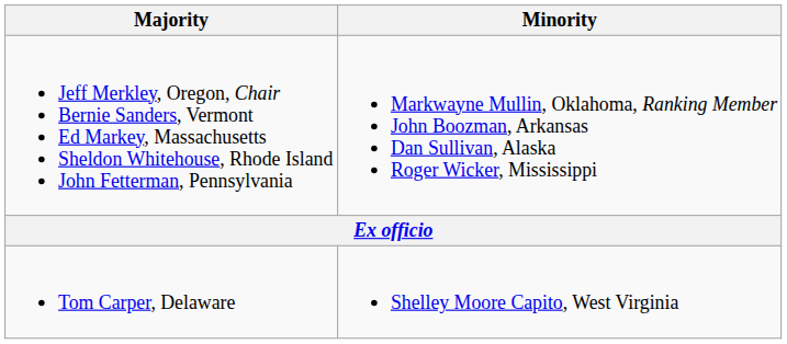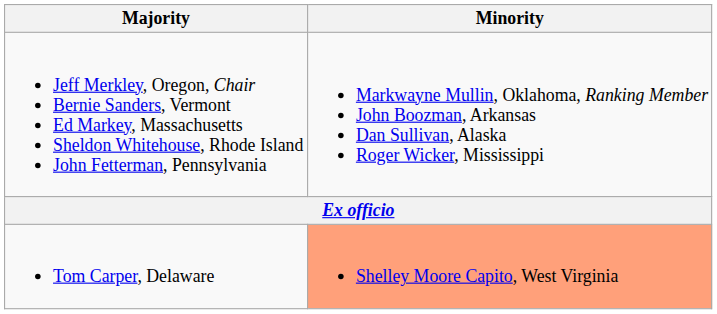 <table class=wikitable>
 <tr>
 <th>Majority</th>
 <th>Minority</th>
 </tr>
 <tr>
 <td><br><ul><li><a href='#'>Jeff Merkley</a>, Oregon, <em>Chair</em></li><li><span><a href='#'>Bernie Sanders</a>, Vermont</span></li><li><a href='#'>Ed Markey</a>, Massachusetts</li><li><a href='#'>Sheldon Whitehouse</a>, Rhode Island</li><li><a href='#'>John Fetterman</a>, Pennsylvania</li></ul></td>
 <td><br><ul><li><a href='#'>Markwayne Mullin</a>, Oklahoma, <em>Ranking Member</em></li><li><a href='#'>John Boozman</a>, Arkansas</li><li><a href='#'>Dan Sullivan</a>, Alaska</li><li><a href='#'>Roger Wicker</a>, Mississippi</li></ul></td>
 </tr>
 <tr>
 <th colspan=2><em><a href='#'>Ex officio</a></em></th>
 </tr>
 <tr>
 <td><br><ul><li><a href='#'>Tom Carper</a>, Delaware</li></ul></td>
-<td><br><ul><li><a href='#'>Shelley Moore Capito</a>, West Virginia</li></ul></td>
+<td style="background: lightsalmon;"><br><ul><li><a href='#'>Shelley Moore Capito</a>, West Virginia</li></ul></td>
 </tr>
 </table>
